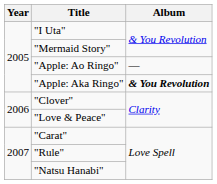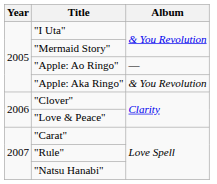 <table class="wikitable">
 <tr>
 <th>Year</th>
 <th>Title</th>
 <th>Album</th>
 </tr>
 <tr>
 <td rowspan="4">2005</td>
 <td>"I Uta" </td>
 <td rowspan="2"><em><a href='#'>& You Revolution</a></em></td>
 </tr>
 <tr>
 <td>"Mermaid Story" </td>
 </tr>
 <tr>
 <td>"Apple: Ao Ringo" </td>
 <td>—</td>
 </tr>
 <tr>
 <td>"Apple: Aka Ringo" </td>
-<td><strong><em>& You Revolution</em></strong></td>
+<td><em>& You Revolution</em></td>
 </tr>
 <tr>
 <td rowspan="2">2006</td>
 <td>"Clover"</td>
 <td rowspan="2"><em><a href='#'>Clarity</a></em></td>
 </tr>
 <tr>
 <td>"Love & Peace"</td>
 </tr>
 <tr>
 <td rowspan="3">2007</td>
 <td>"Carat"</td>
 <td rowspan="3"><em>Love Spell</em></td>
 </tr>
 <tr>
 <td>"Rule"</td>
 </tr>
 <tr>
 <td>"Natsu Hanabi"</td>
 </tr>
 </table>
